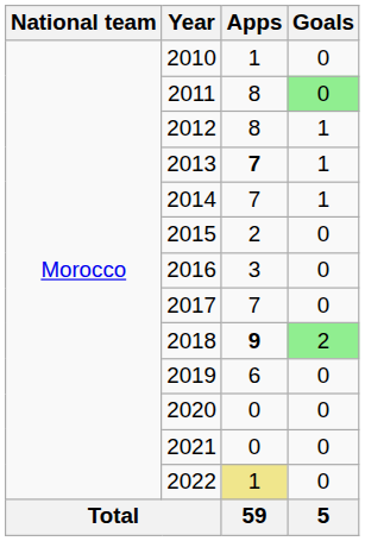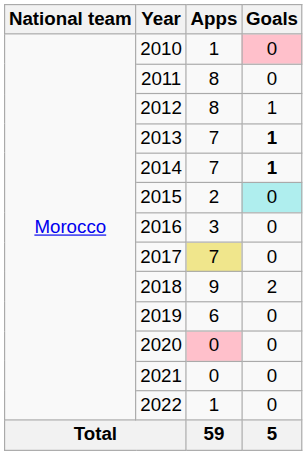 <table class="wikitable" style="text-align:center">
 <tr>
 <th>National team</th>
 <th>Year</th>
 <th>Apps</th>
 <th>Goals</th>
 </tr>
 <tr>
 <td rowspan="13"><a href='#'>Morocco</a></td>
 <td>2010</td>
 <td>1</td>
-<td>0</td>
+<td style="background: pink;">0</td>
 </tr>
 <tr>
 <td>2011</td>
 <td>8</td>
-<td style="background: lightgreen;">0</td>
+<td>0</td>
 </tr>
 <tr>
 <td>2012</td>
 <td>8</td>
 <td>1</td>
 </tr>
 <tr>
 <td>2013</td>
-<td><strong>7</strong></td>
-<td>1</td>
+<td>7</td>
+<td><strong>1</strong></td>
 </tr>
 <tr>
 <td>2014</td>
 <td>7</td>
-<td>1</td>
+<td><strong>1</strong></td>
 </tr>
 <tr>
 <td>2015</td>
 <td>2</td>
-<td>0</td>
+<td style="background: paleturquoise;">0</td>
 </tr>
 <tr>
 <td>2016</td>
 <td>3</td>
 <td>0</td>
 </tr>
 <tr>
 <td>2017</td>
-<td>7</td>
+<td style="background: khaki;">7</td>
 <td>0</td>
 </tr>
 <tr>
 <td>2018</td>
-<td><strong>9</strong></td>
-<td style="background: lightgreen;">2</td>
+<td>9</td>
+<td>2</td>
 </tr>
 <tr>
 <td>2019</td>
 <td>6</td>
 <td>0</td>
 </tr>
 <tr>
 <td>2020</td>
-<td>0</td>
+<td style="background: pink;">0</td>
 <td>0</td>
 </tr>
 <tr>
 <td>2021</td>
 <td>0</td>
 <td>0</td>
 </tr>
 <tr>
 <td>2022</td>
-<td style="background: khaki;">1</td>
+<td>1</td>
 <td>0</td>
 </tr>
 <tr>
 <th colspan="2">Total</th>
 <th>59</th>
 <th>5</th>
 </tr>
 </table>
